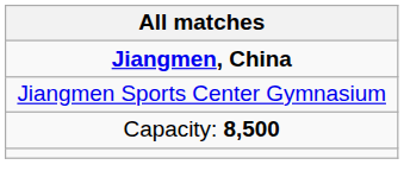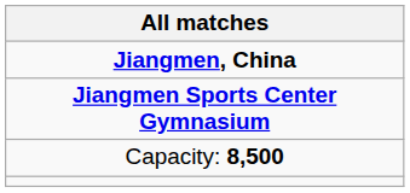 <table class="wikitable" style="text-align:center" width=280>
 <tr>
 <th>All matches</th>
 </tr>
 <tr>
 <td> <strong><a href='#'>Jiangmen</a>, China</strong></td>
 </tr>
 <tr>
-<td><a href='#'>Jiangmen Sports Center Gymnasium</a></td>
+<td><strong><a href='#'>Jiangmen Sports Center Gymnasium</a></strong></td>
 </tr>
 <tr>
 <td>Capacity: <strong>8,500</strong></td>
 </tr>
 <tr>
 <td></td>
 </tr>
 </table>
